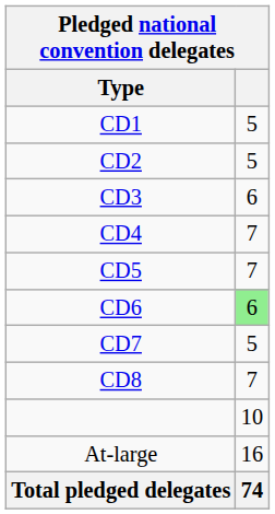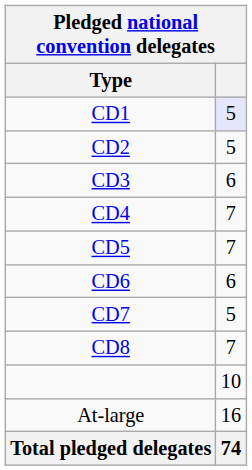 <table class="wikitable sortable" style="font-size:90%;text-align:center;float:right;padding:5px;">
 <tr>
 <th colspan="2">Pledged <a href='#'>national<br>convention</a> delegates</th>
 </tr>
 <tr>
 <th>Type</th>
 <th></th>
 </tr>
 <tr>
 <td><a href='#'>CD1</a></td>
-<td>5</td>
+<td style="background: lavender;">5</td>
 </tr>
 <tr>
 <td><a href='#'>CD2</a></td>
 <td>5</td>
 </tr>
 <tr>
 <td><a href='#'>CD3</a></td>
 <td>6</td>
 </tr>
 <tr>
 <td><a href='#'>CD4</a></td>
 <td>7</td>
 </tr>
 <tr>
 <td><a href='#'>CD5</a></td>
 <td>7</td>
 </tr>
 <tr>
 <td><a href='#'>CD6</a></td>
-<td style="background: lightgreen;">6</td>
+<td>6</td>
 </tr>
 <tr>
 <td><a href='#'>CD7</a></td>
 <td>5</td>
 </tr>
 <tr>
 <td><a href='#'>CD8</a></td>
 <td>7</td>
 </tr>
 <tr>
 <td></td>
 <td>10</td>
 </tr>
 <tr>
 <td>At-large</td>
 <td>16</td>
 </tr>
 <tr>
 <th>Total pledged delegates</th>
 <th>74</th>
 </tr>
 </table>
